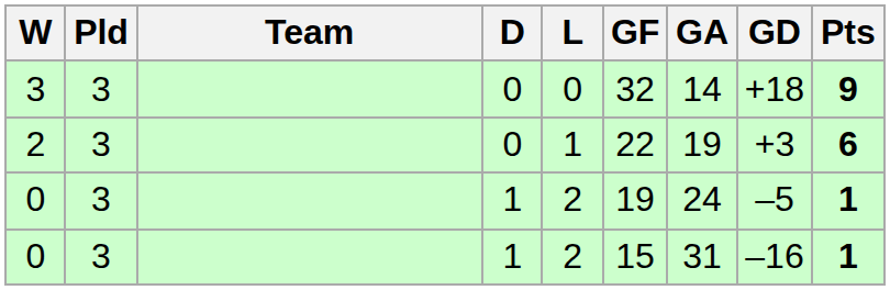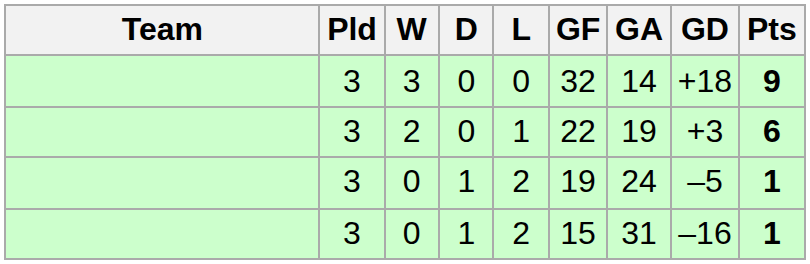 <table class="wikitable" style="text-align:center;">
 <tr>
+<th width=150>Team</th>
+<th width=20>Pld</th>
 <th width=20>W</th>
-<th width=20>Pld</th>
-<th width=150>Team</th>
 <th width=20>D</th>
 <th width=20>L</th>
 <th width=20>GF</th>
 <th width=20>GA</th>
 <th width=20>GD</th>
 <th width=20>Pts</th>
 </tr>
 <tr bgcolor=#ccffcc>
+<td align="left"></td>
 <td>3</td>
 <td>3</td>
-<td align="left"></td>
 <td>0</td>
 <td>0</td>
 <td>32</td>
 <td>14</td>
 <td>+18</td>
 <td><strong>9</strong></td>
 </tr>
 <tr bgcolor=#ccffcc>
+<td align="left"></td>
+<td>3</td>
 <td>2</td>
-<td>3</td>
-<td align="left"></td>
 <td>0</td>
 <td>1</td>
 <td>22</td>
 <td>19</td>
 <td>+3</td>
 <td><strong>6</strong></td>
 </tr>
 <tr bgcolor=#ccffcc>
+<td align="left"></td>
+<td>3</td>
 <td>0</td>
-<td>3</td>
-<td align="left"></td>
 <td>1</td>
 <td>2</td>
 <td>19</td>
 <td>24</td>
 <td>–5</td>
 <td><strong>1</strong></td>
 </tr>
 <tr bgcolor=#ccffcc>
+<td align="left"></td>
+<td>3</td>
 <td>0</td>
-<td>3</td>
-<td align="left"></td>
 <td>1</td>
 <td>2</td>
 <td>15</td>
 <td>31</td>
 <td>–16</td>
 <td><strong>1</strong></td>
 </tr>
 </table>
